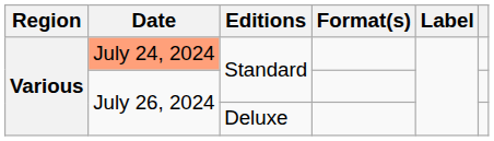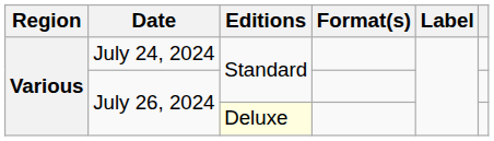 <table class="wikitable plainrowheaders">
 <tr>
 <th scope="col">Region</th>
 <th scope="col">Date</th>
 <th scope="col">Editions</th>
 <th scope="col">Format(s)</th>
 <th scope="col">Label</th>
 <th scope="col"></th>
 </tr>
 <tr>
 <th rowspan="3" scope="row">Various</th>
-<td style="background: lightsalmon;">July 24, 2024</td>
+<td>July 24, 2024</td>
 <td rowspan="2">Standard</td>
 <td></td>
 <td rowspan="3"></td>
 <td align="center"></td>
 </tr>
 <tr>
 <td rowspan="2">July 26, 2024</td>
 <td></td>
 <td align="center"><br></td>
 </tr>
 <tr>
-<td>Deluxe</td>
+<td style="background: lightyellow;">Deluxe</td>
 <td></td>
 <td align="center"></td>
 </tr>
 </table>
